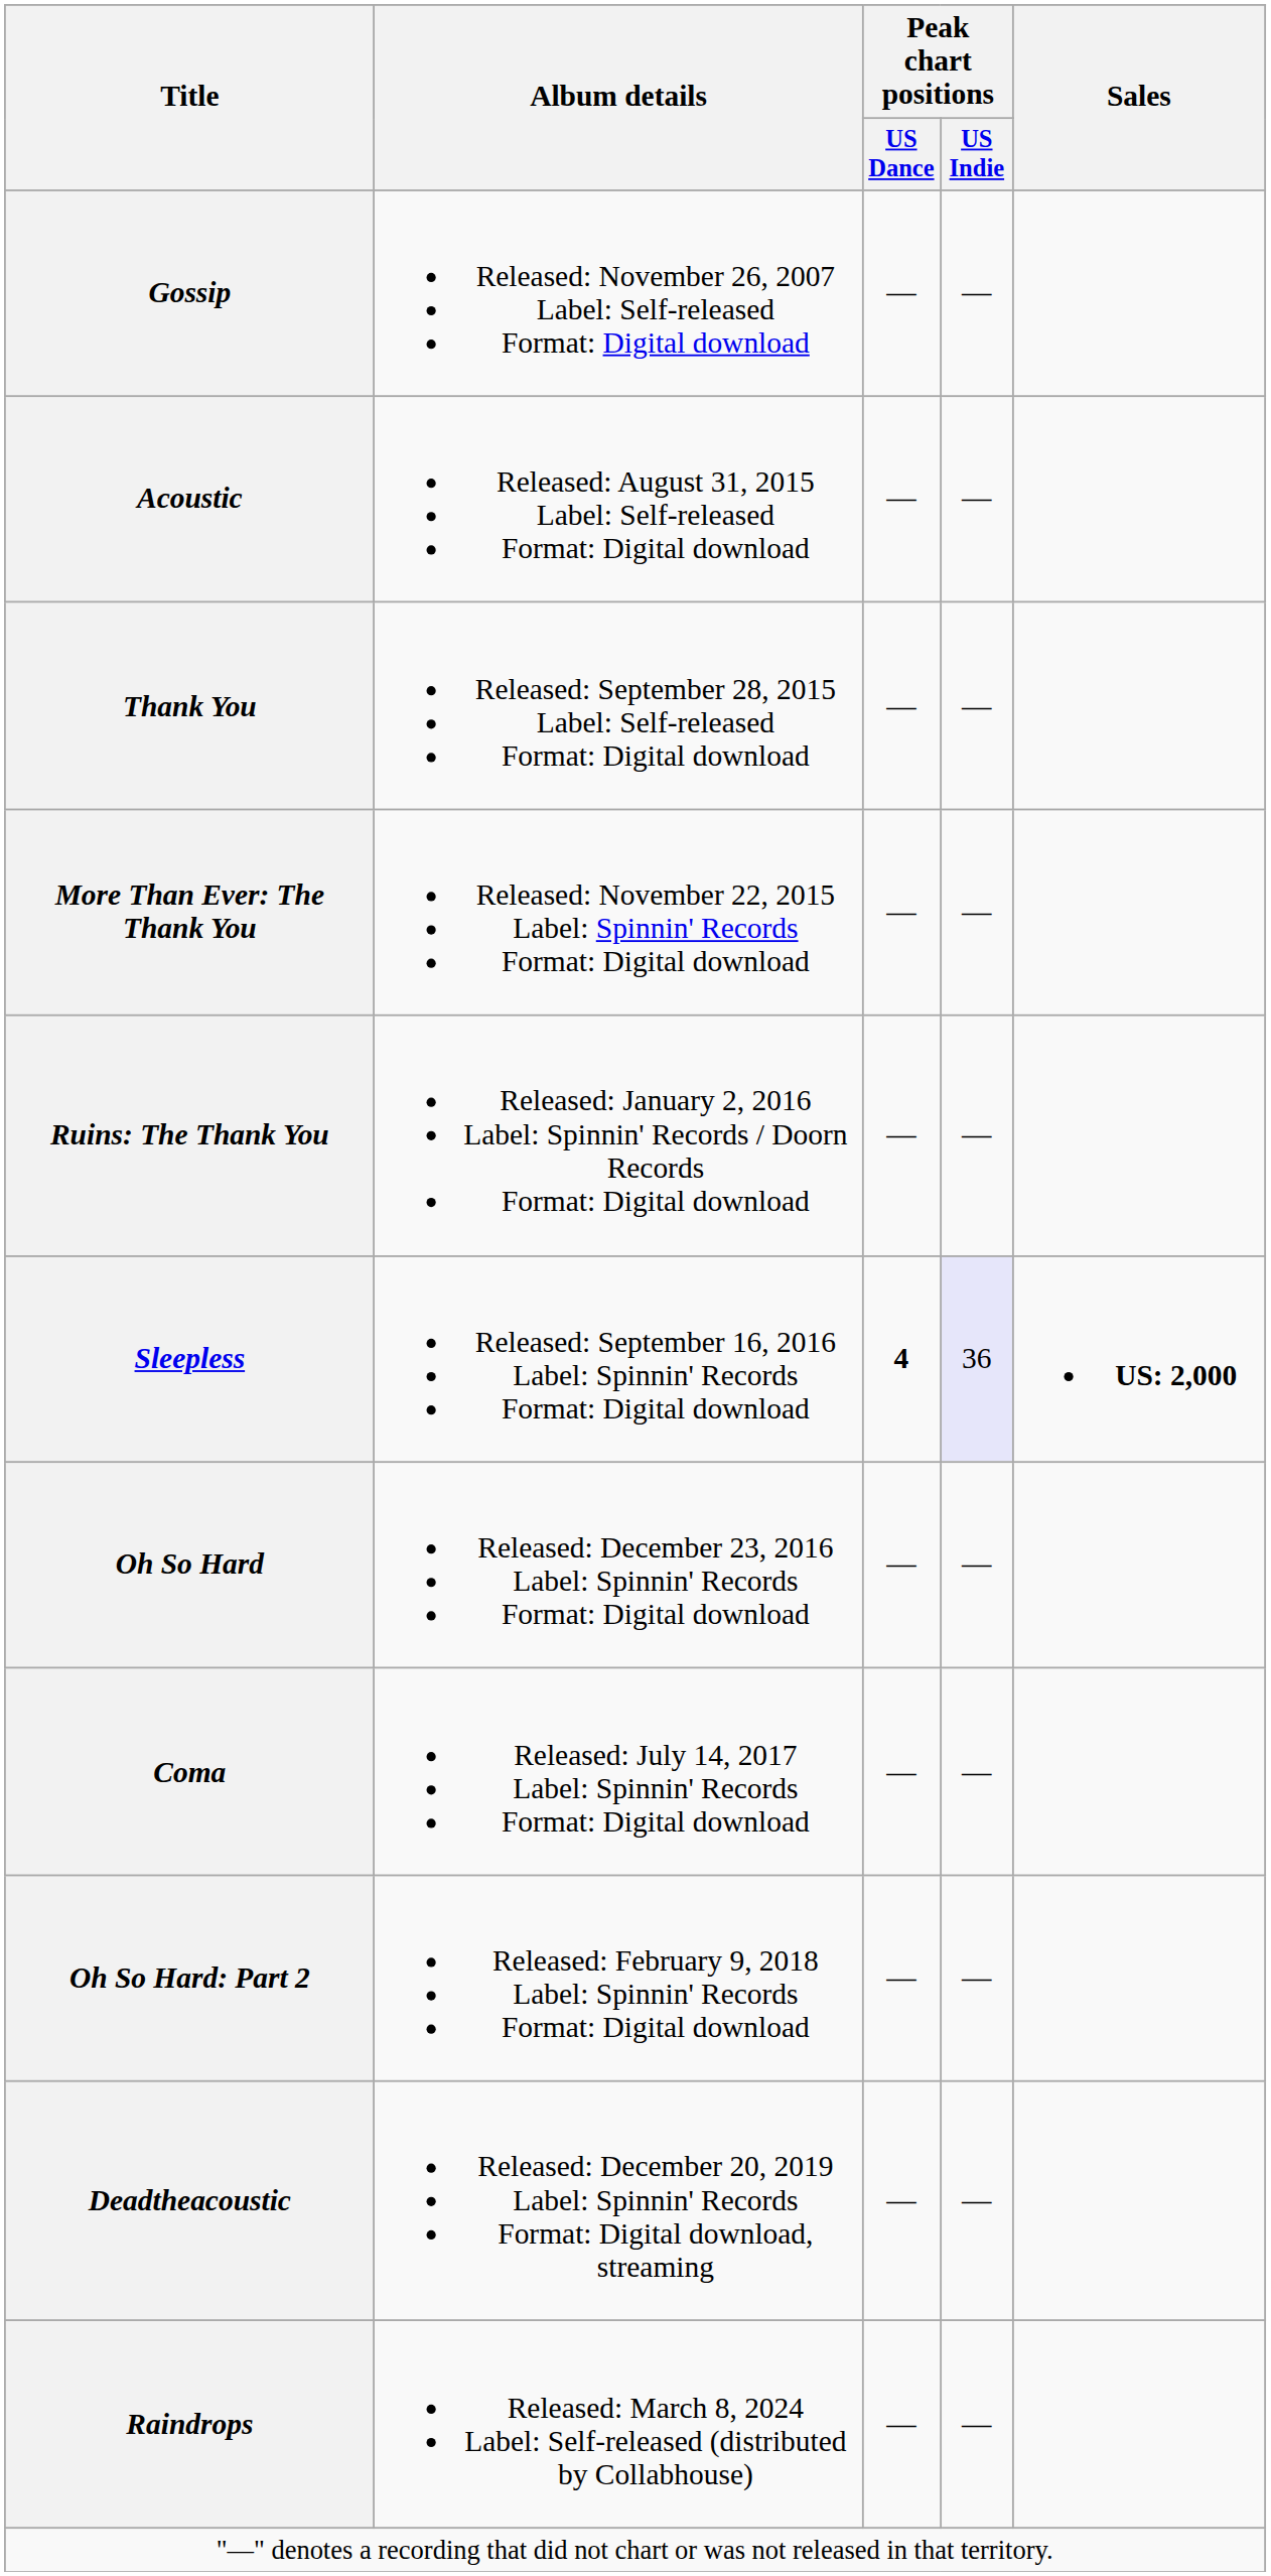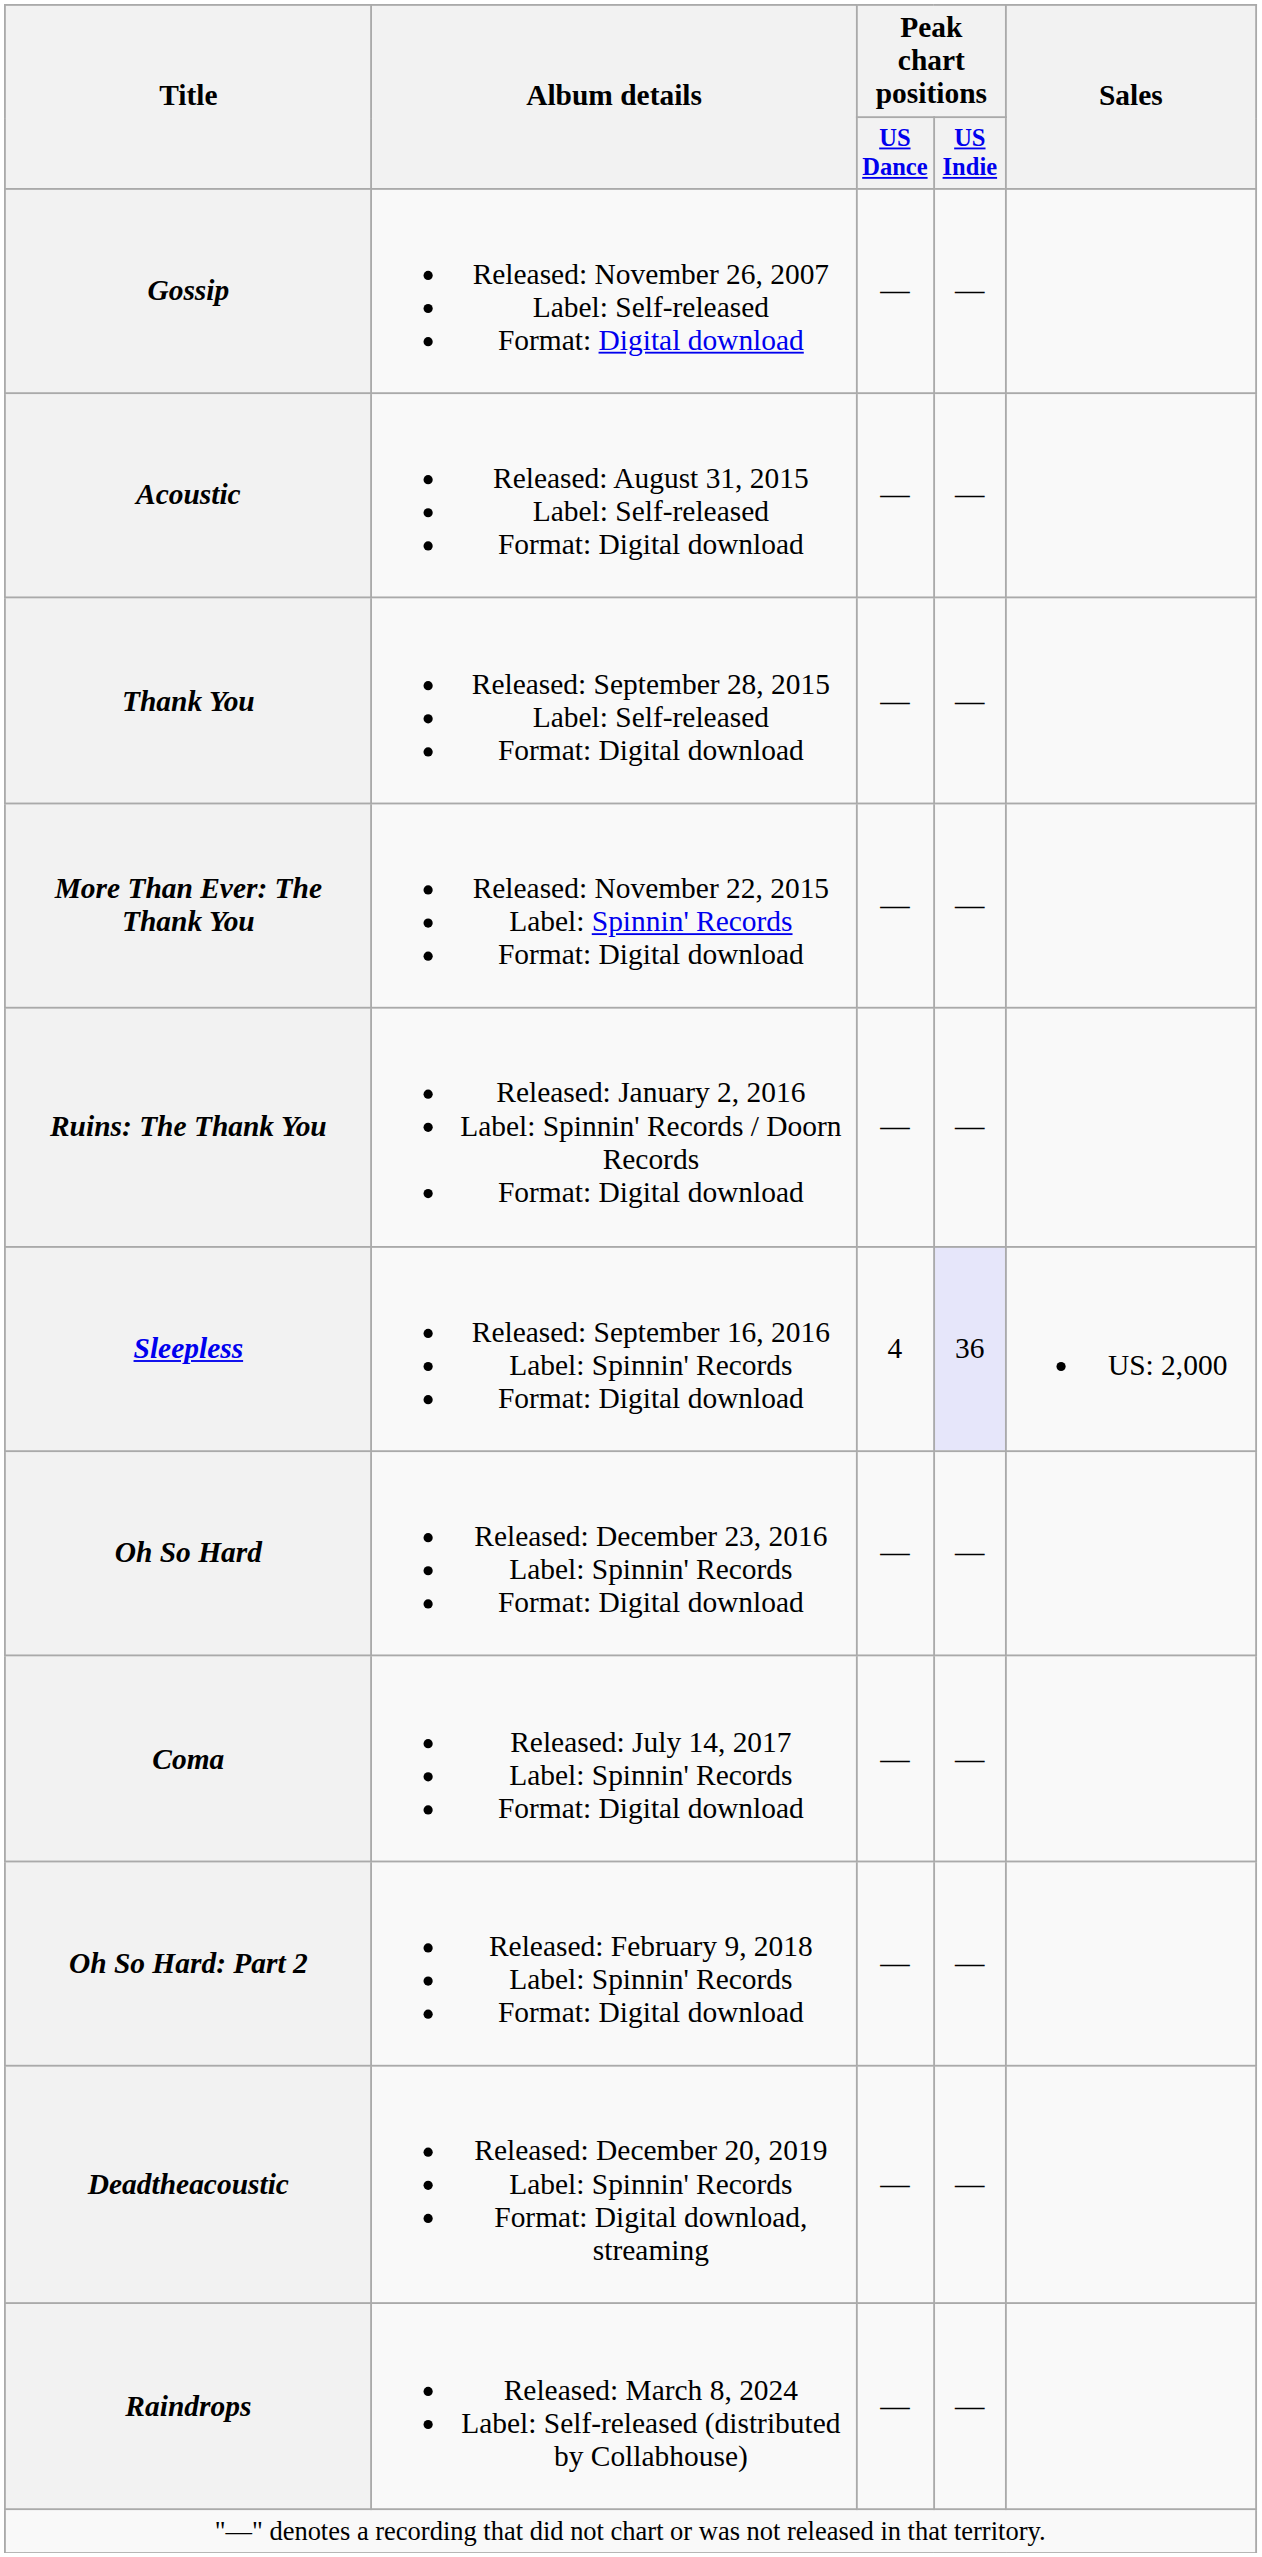 <table class="wikitable plainrowheaders" style="text-align:center;">
 <tr>
 <th scope="col" rowspan="2" style="width:12em;">Title</th>
 <th scope="col" rowspan="2" style="width:16em;">Album details</th>
 <th scope="col" colspan="2">Peak chart positions</th>
 <th scope="col" rowspan="2" style="width:8em;">Sales</th>
 </tr>
 <tr>
 <th style="width:2.5em;font-size:smaller;"><a href='#'>US Dance</a><br></th>
 <th style="width:2.5em;font-size:smaller;"><a href='#'>US Indie</a><br></th>
 </tr>
 <tr>
 <th scope="row"><em>Gossip</em></th>
 <td><br><ul><li>Released: November 26, 2007</li><li>Label: Self-released</li><li>Format: <a href='#'>Digital download</a></li></ul></td>
 <td>―</td>
 <td>―</td>
 <td></td>
 </tr>
 <tr>
 <th scope="row"><em>Acoustic</em></th>
 <td><br><ul><li>Released: August 31, 2015</li><li>Label: Self-released</li><li>Format: Digital download</li></ul></td>
 <td>―</td>
 <td>―</td>
 <td></td>
 </tr>
 <tr>
 <th scope="row"><em>Thank You</em></th>
 <td><br><ul><li>Released: September 28, 2015</li><li>Label: Self-released</li><li>Format: Digital download</li></ul></td>
 <td>―</td>
 <td>―</td>
 <td></td>
 </tr>
 <tr>
 <th scope="row"><em>More Than Ever: The Thank You</em></th>
 <td><br><ul><li>Released: November 22, 2015</li><li>Label: <a href='#'>Spinnin' Records</a></li><li>Format: Digital download</li></ul></td>
 <td>―</td>
 <td>―</td>
 <td></td>
 </tr>
 <tr>
 <th scope="row"><em>Ruins: The Thank You</em></th>
 <td><br><ul><li>Released: January 2, 2016</li><li>Label: Spinnin' Records / Doorn Records</li><li>Format: Digital download</li></ul></td>
 <td>―</td>
 <td>―</td>
 <td></td>
 </tr>
 <tr>
 <th scope="row"><em><a href='#'>Sleepless</a></em></th>
 <td><br><ul><li>Released: September 16, 2016</li><li>Label: Spinnin' Records</li><li>Format: Digital download</li></ul></td>
-<td><strong>4</strong></td>
+<td>4</td>
 <td style="background: lavender;">36</td>
-<td><strong><br><ul><li>US: 2,000</li></ul></strong></td>
+<td><br><ul><li>US: 2,000</li></ul></td>
 </tr>
 <tr>
 <th scope="row"><em>Oh So Hard</em></th>
 <td><br><ul><li>Released: December 23, 2016</li><li>Label: Spinnin' Records</li><li>Format: Digital download</li></ul></td>
 <td>―</td>
 <td>―</td>
 <td></td>
 </tr>
 <tr>
 <th scope="row"><em>Coma</em></th>
 <td><br><ul><li>Released: July 14, 2017</li><li>Label: Spinnin' Records</li><li>Format: Digital download</li></ul></td>
 <td>―</td>
 <td>―</td>
 <td></td>
 </tr>
 <tr>
 <th scope="row"><em>Oh So Hard: Part 2</em></th>
 <td><br><ul><li>Released: February 9, 2018</li><li>Label: Spinnin' Records</li><li>Format: Digital download</li></ul></td>
 <td>―</td>
 <td>―</td>
 <td></td>
 </tr>
 <tr>
 <th scope="row"><em>Deadtheacoustic</em></th>
 <td><br><ul><li>Released: December 20, 2019</li><li>Label: Spinnin' Records</li><li>Format: Digital download, streaming</li></ul></td>
 <td>―</td>
 <td>―</td>
 <td></td>
 </tr>
 <tr>
 <th scope="row"><em>Raindrops</em></th>
 <td><br><ul><li>Released: March 8, 2024</li><li>Label: Self-released (distributed by Collabhouse)</li></ul></td>
 <td>—</td>
 <td>—</td>
 <td></td>
 </tr>
 <tr>
 <td colspan="6" style="font-size:90%">"—" denotes a recording that did not chart or was not released in that territory.</td>
 </tr>
 <tr>
 </tr>
 </table>
